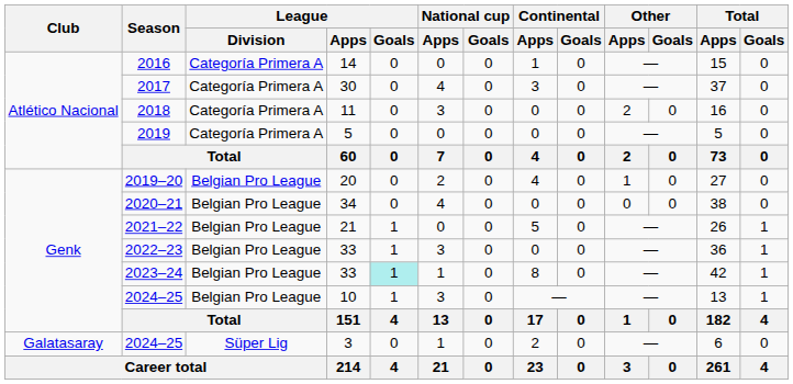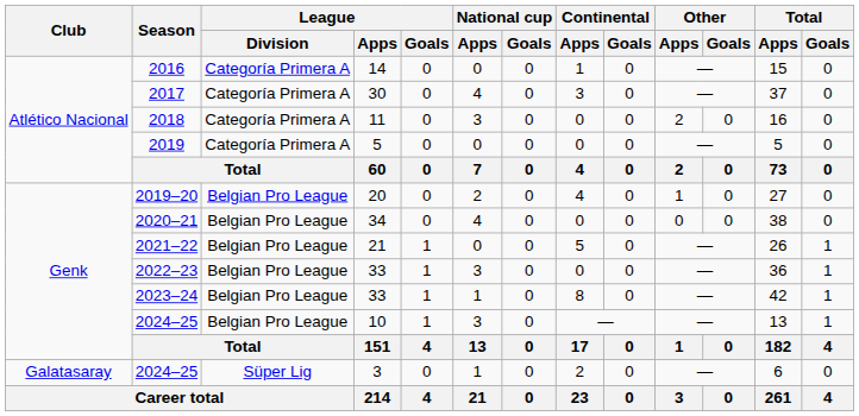 <table class="wikitable" style="text-align:center">
 <tr>
 <th rowspan="2">Club</th>
 <th rowspan="2">Season</th>
 <th colspan="3">League</th>
 <th colspan="2">National cup</th>
 <th colspan="2">Continental</th>
 <th colspan="2">Other</th>
 <th colspan="2">Total</th>
 </tr>
 <tr>
 <th>Division</th>
 <th>Apps</th>
 <th>Goals</th>
 <th>Apps</th>
 <th>Goals</th>
 <th>Apps</th>
 <th>Goals</th>
 <th>Apps</th>
 <th>Goals</th>
 <th>Apps</th>
 <th>Goals</th>
 </tr>
 <tr>
 <td rowspan="5"><a href='#'>Atlético Nacional</a></td>
 <td><a href='#'>2016</a></td>
 <td><a href='#'>Categoría Primera A</a></td>
 <td>14</td>
 <td>0</td>
 <td>0</td>
 <td>0</td>
 <td>1</td>
 <td>0</td>
 <td colspan="2">—</td>
 <td>15</td>
 <td>0</td>
 </tr>
 <tr>
 <td><a href='#'>2017</a></td>
 <td>Categoría Primera A</td>
 <td>30</td>
 <td>0</td>
 <td>4</td>
 <td>0</td>
 <td>3</td>
 <td>0</td>
 <td colspan="2">—</td>
 <td>37</td>
 <td>0</td>
 </tr>
 <tr>
 <td><a href='#'>2018</a></td>
 <td>Categoría Primera A</td>
 <td>11</td>
 <td>0</td>
 <td>3</td>
 <td>0</td>
 <td>0</td>
 <td>0</td>
 <td>2</td>
 <td>0</td>
 <td>16</td>
 <td>0</td>
 </tr>
 <tr>
 <td><a href='#'>2019</a></td>
 <td>Categoría Primera A</td>
 <td>5</td>
 <td>0</td>
 <td>0</td>
 <td>0</td>
 <td>0</td>
 <td>0</td>
 <td colspan="2">—</td>
 <td>5</td>
 <td>0</td>
 </tr>
 <tr>
 <th colspan="2">Total</th>
 <th>60</th>
 <th>0</th>
 <th>7</th>
 <th>0</th>
 <th>4</th>
 <th>0</th>
 <th>2</th>
 <th>0</th>
 <th>73</th>
 <th>0</th>
 </tr>
 <tr>
 <td rowspan="7"><a href='#'>Genk</a></td>
 <td><a href='#'>2019–20</a></td>
 <td><a href='#'>Belgian Pro League</a></td>
 <td>20</td>
 <td>0</td>
 <td>2</td>
 <td>0</td>
 <td>4</td>
 <td>0</td>
 <td>1</td>
 <td>0</td>
 <td>27</td>
 <td>0</td>
 </tr>
 <tr>
 <td><a href='#'>2020–21</a></td>
 <td>Belgian Pro League</td>
 <td>34</td>
 <td>0</td>
 <td>4</td>
 <td>0</td>
 <td>0</td>
 <td>0</td>
 <td>0</td>
 <td>0</td>
 <td>38</td>
 <td>0</td>
 </tr>
 <tr>
 <td><a href='#'>2021–22</a></td>
 <td>Belgian Pro League</td>
 <td>21</td>
 <td>1</td>
 <td>0</td>
 <td>0</td>
 <td>5</td>
 <td>0</td>
 <td colspan="2">—</td>
 <td>26</td>
 <td>1</td>
 </tr>
 <tr>
 <td><a href='#'>2022–23</a></td>
 <td>Belgian Pro League</td>
 <td>33</td>
 <td>1</td>
 <td>3</td>
 <td>0</td>
 <td>0</td>
 <td>0</td>
 <td colspan="2">—</td>
 <td>36</td>
 <td>1</td>
 </tr>
 <tr>
 <td><a href='#'>2023–24</a></td>
 <td>Belgian Pro League</td>
 <td>33</td>
-<td style="background: paleturquoise;">1</td>
+<td>1</td>
 <td>1</td>
 <td>0</td>
 <td>8</td>
 <td>0</td>
 <td colspan="2">—</td>
 <td>42</td>
 <td>1</td>
 </tr>
 <tr>
 <td><a href='#'>2024–25</a></td>
 <td>Belgian Pro League</td>
 <td>10</td>
 <td>1</td>
 <td>3</td>
 <td>0</td>
 <td colspan="2">—</td>
 <td colspan="2">—</td>
 <td>13</td>
 <td>1</td>
 </tr>
 <tr>
 <th colspan="2">Total</th>
 <th>151</th>
 <th>4</th>
 <th>13</th>
 <th>0</th>
 <th>17</th>
 <th>0</th>
 <th>1</th>
 <th>0</th>
 <th>182</th>
 <th>4</th>
 </tr>
 <tr>
 <td><a href='#'>Galatasaray</a></td>
 <td><a href='#'>2024–25</a></td>
 <td><a href='#'>Süper Lig</a></td>
 <td>3</td>
 <td>0</td>
 <td>1</td>
 <td>0</td>
 <td>2</td>
 <td>0</td>
 <td colspan="2">—</td>
 <td>6</td>
 <td>0</td>
 </tr>
 <tr>
 <th colspan="3">Career total</th>
 <th>214</th>
 <th>4</th>
 <th>21</th>
 <th>0</th>
 <th>23</th>
 <th>0</th>
 <th>3</th>
 <th>0</th>
 <th>261</th>
 <th>4</th>
 </tr>
 </table>
